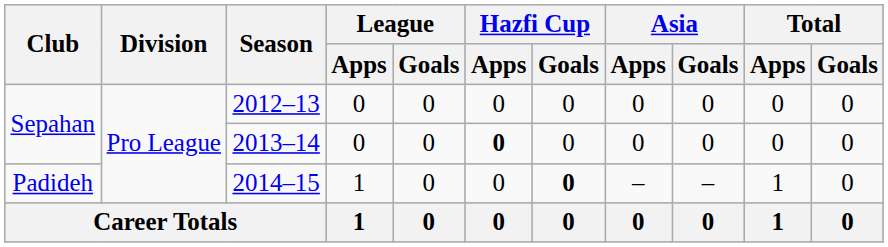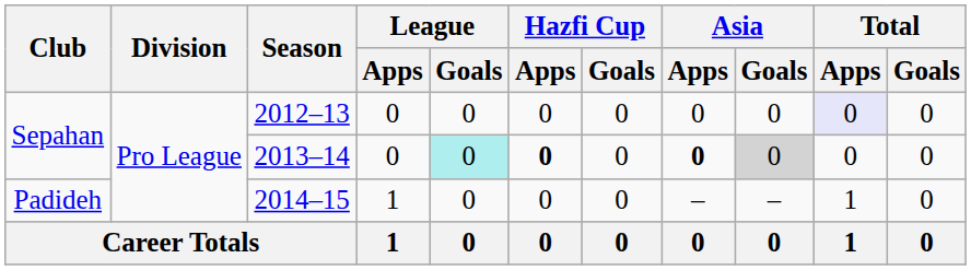 <table class="wikitable" style="text-align: center;">
 <tr>
 <th rowspan="2">Club</th>
 <th rowspan="2">Division</th>
 <th rowspan="2">Season</th>
 <th colspan="2">League</th>
 <th colspan="2"><a href='#'>Hazfi Cup</a></th>
 <th colspan="2"><a href='#'>Asia</a></th>
 <th colspan="2">Total</th>
 </tr>
 <tr>
 <th>Apps</th>
 <th>Goals</th>
 <th>Apps</th>
 <th>Goals</th>
 <th>Apps</th>
 <th>Goals</th>
 <th>Apps</th>
 <th>Goals</th>
 </tr>
 <tr>
 <td rowspan="2"><a href='#'>Sepahan</a></td>
 <td rowspan="3"><a href='#'>Pro League</a></td>
 <td><a href='#'>2012–13</a></td>
 <td>0</td>
 <td>0</td>
 <td>0</td>
 <td>0</td>
 <td>0</td>
 <td>0</td>
-<td>0</td>
+<td style="background: lavender;">0</td>
 <td>0</td>
 </tr>
 <tr>
 <td><a href='#'>2013–14</a></td>
 <td>0</td>
+<td style="background: paleturquoise;">0</td>
+<td><strong>0</strong></td>
 <td>0</td>
 <td><strong>0</strong></td>
-<td>0</td>
-<td>0</td>
-<td>0</td>
+<td style="background: lightgrey;">0</td>
 <td>0</td>
 <td>0</td>
 </tr>
 <tr>
 <td><a href='#'>Padideh</a></td>
 <td><a href='#'>2014–15</a></td>
 <td>1</td>
 <td>0</td>
 <td>0</td>
-<td><strong>0</strong></td>
+<td>0</td>
 <td>–</td>
 <td>–</td>
 <td>1</td>
 <td>0</td>
 </tr>
 <tr>
 <th colspan=3>Career Totals</th>
 <th>1</th>
 <th>0</th>
 <th>0</th>
 <th>0</th>
 <th>0</th>
 <th>0</th>
 <th>1</th>
 <th>0</th>
 </tr>
 </table>
